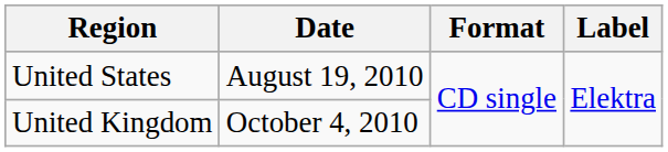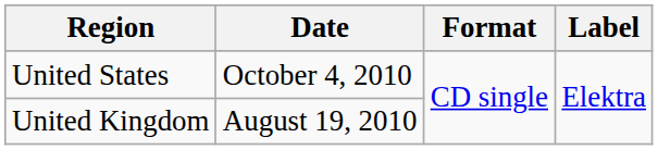 <table class=wikitable>
 <tr>
 <th>Region</th>
 <th>Date</th>
 <th>Format</th>
 <th>Label</th>
 </tr>
 <tr>
 <td>United States</td>
-<td>August 19, 2010</td>
+<td>October 4, 2010</td>
 <td rowspan="2"><a href='#'>CD single</a></td>
 <td rowspan="2"><a href='#'>Elektra</a></td>
 </tr>
 <tr>
 <td>United Kingdom</td>
-<td>October 4, 2010</td>
+<td>August 19, 2010</td>
 </tr>
 </table>
